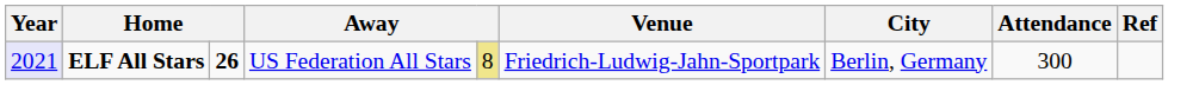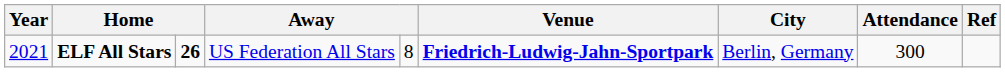 <table class="wikitable" style="text-align:center;">
 <tr>
 <th>Year</th>
 <th colspan="2">Home</th>
 <th colspan="2">Away</th>
 <th>Venue</th>
 <th>City</th>
 <th>Attendance</th>
 <th>Ref</th>
 </tr>
 <tr style="text-align: center;">
-<td style="background: lavender;"><a href='#'>2021</a></td>
+<td><a href='#'>2021</a></td>
 <td><strong>ELF All Stars</strong></td>
 <td><strong>26</strong></td>
 <td><a href='#'>US Federation All Stars</a></td>
-<td style="background: khaki;">8</td>
-<td><a href='#'>Friedrich-Ludwig-Jahn-Sportpark</a></td>
+<td>8</td>
+<td><strong><a href='#'>Friedrich-Ludwig-Jahn-Sportpark</a></strong></td>
 <td> <a href='#'>Berlin</a>, <a href='#'>Germany</a></td>
 <td>300</td>
 <td></td>
 </tr>
 </table>
